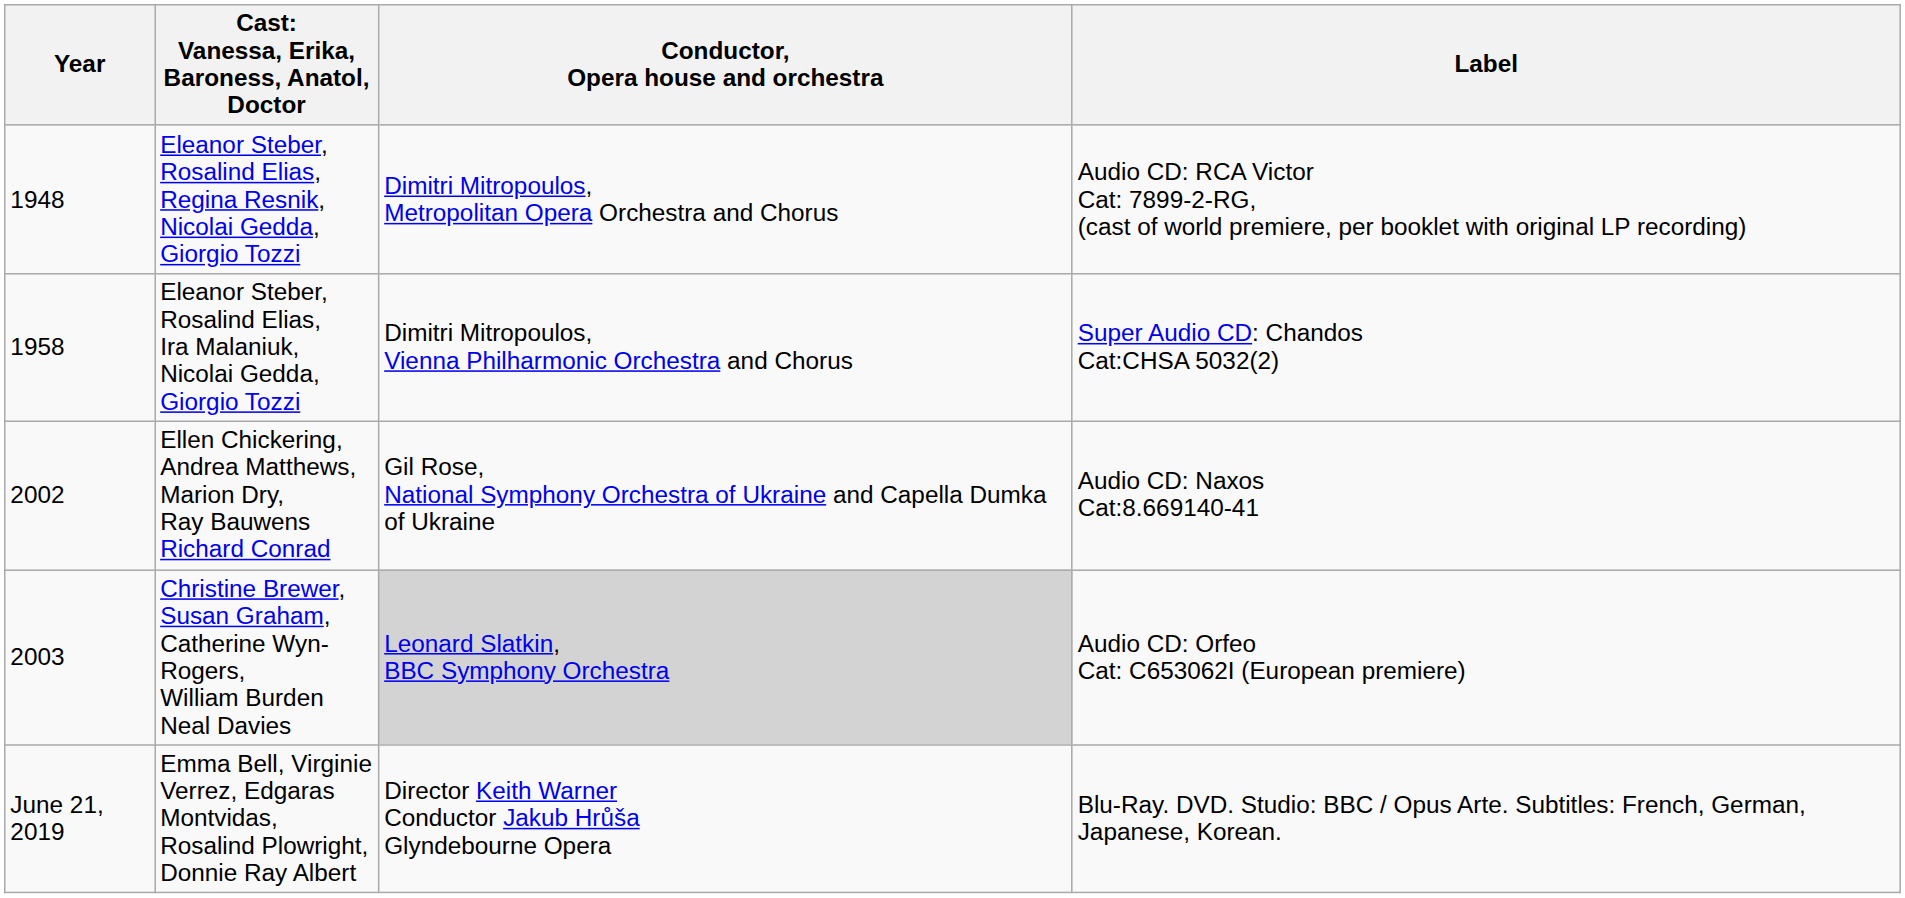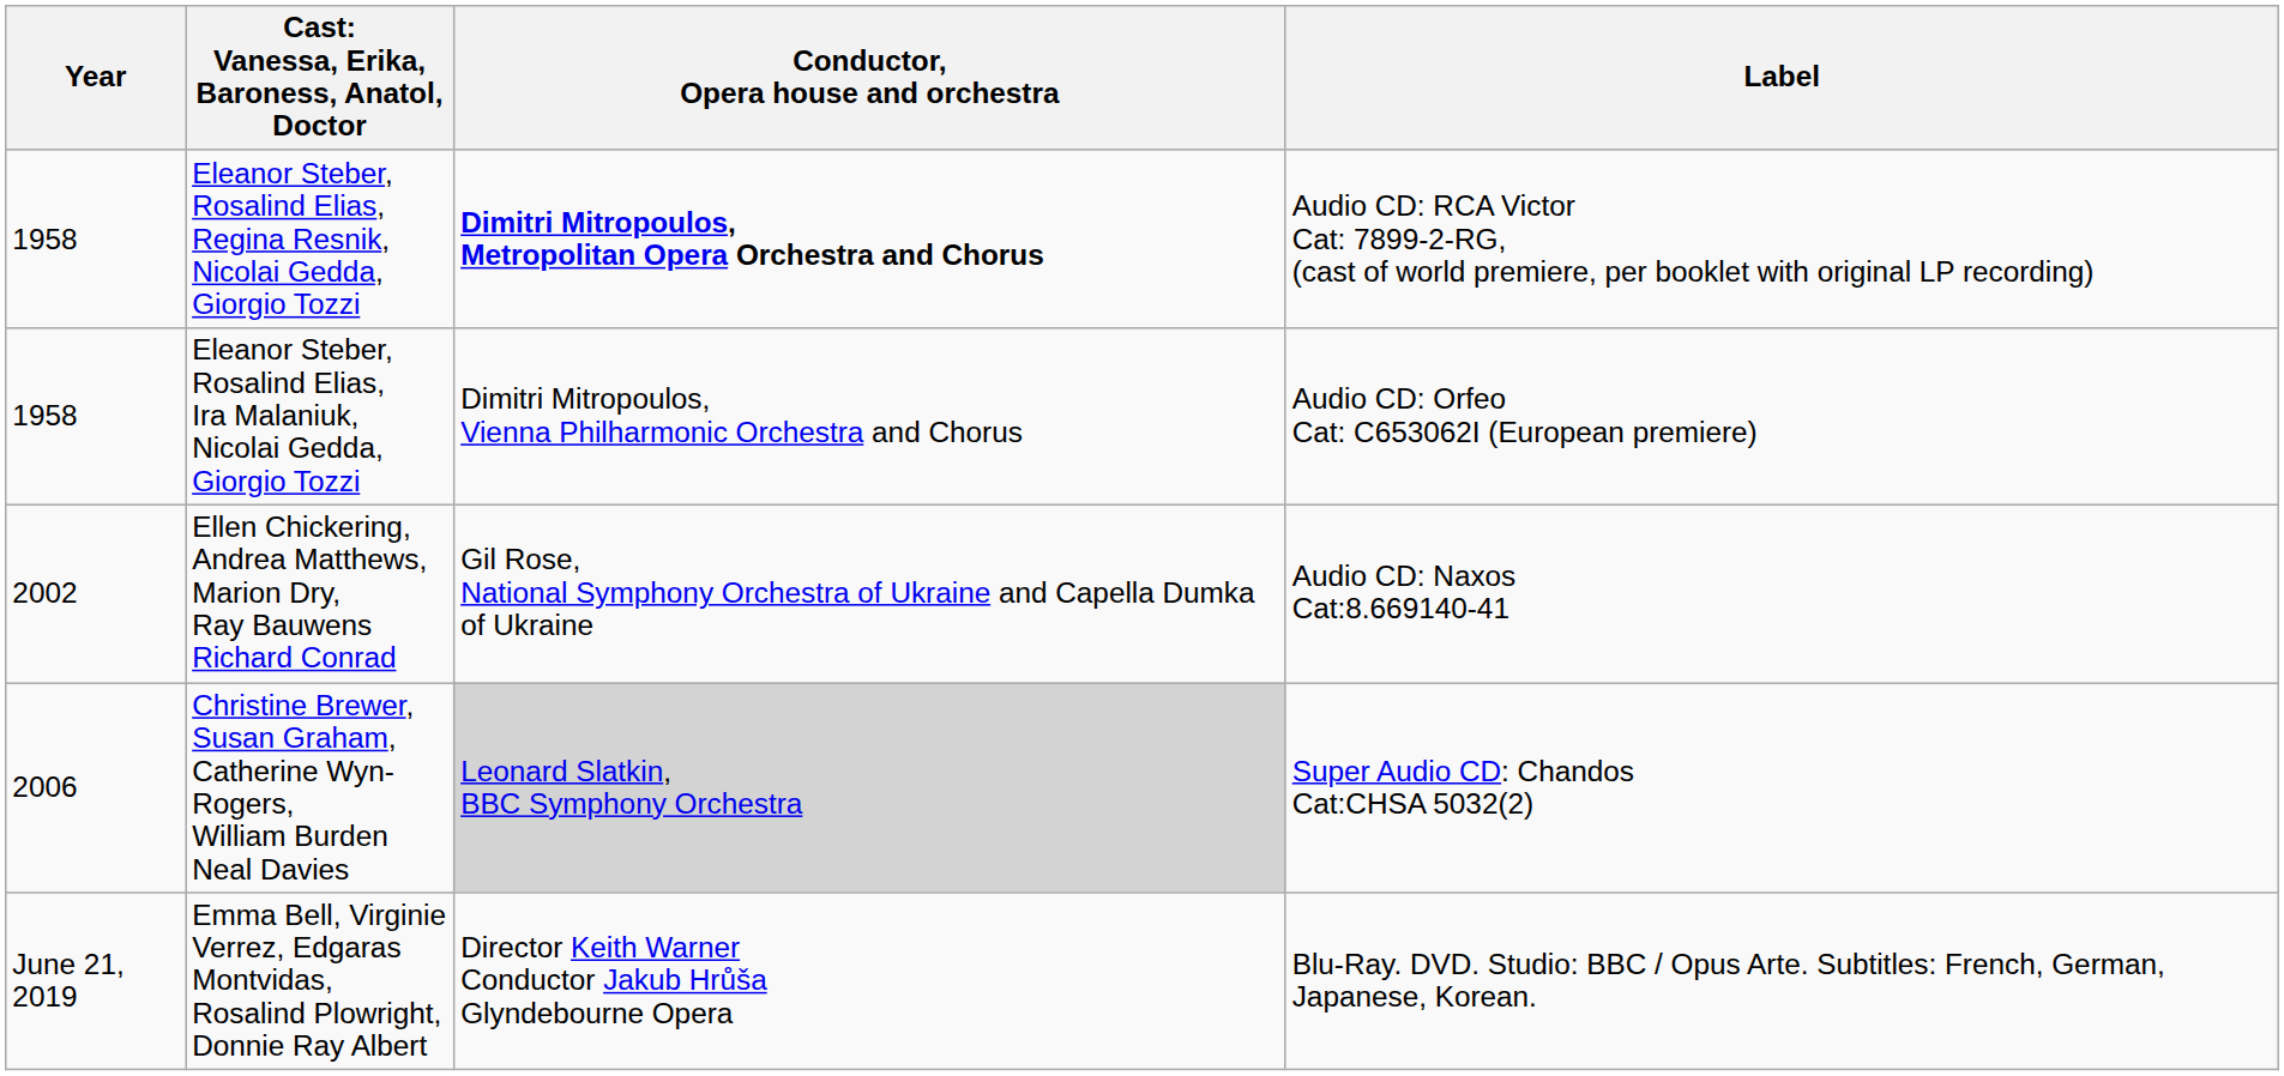 <table class="wikitable">
 <tr>
 <th>Year</th>
 <th width="140">Cast:<br>Vanessa, Erika,<br>Baroness, Anatol, Doctor</th>
 <th>Conductor,<br>Opera house and orchestra</th>
 <th>Label</th>
 </tr>
 <tr>
-<td>1948</td>
+<td>1958</td>
 <td><a href='#'>Eleanor Steber</a>,<br><a href='#'>Rosalind Elias</a>,<br><a href='#'>Regina Resnik</a>,<br><a href='#'>Nicolai Gedda</a>,<br><a href='#'>Giorgio Tozzi</a></td>
-<td><a href='#'>Dimitri Mitropoulos</a>, <br><a href='#'>Metropolitan Opera</a> Orchestra and Chorus</td>
+<td><strong><a href='#'>Dimitri Mitropoulos</a>, <br><a href='#'>Metropolitan Opera</a> Orchestra and Chorus</strong></td>
 <td>Audio CD: RCA Victor <br>Cat: 7899-2-RG,<br>(cast of world premiere, per booklet with original LP recording)</td>
 </tr>
 <tr>
 <td>1958</td>
 <td>Eleanor Steber,<br> Rosalind Elias,<br>Ira Malaniuk,<br>Nicolai Gedda,<br><a href='#'>Giorgio Tozzi</a></td>
 <td>Dimitri Mitropoulos,<br><a href='#'>Vienna Philharmonic Orchestra</a> and Chorus</td>
-<td><a href='#'>Super Audio CD</a>: Chandos <br>Cat:CHSA 5032(2)</td>
+<td>Audio CD:  Orfeo <br>Cat: C653062I (European premiere)</td>
 </tr>
 <tr>
 <td>2002</td>
 <td>Ellen Chickering,<br>Andrea Matthews,<br>Marion Dry,<br>Ray Bauwens<br><a href='#'>Richard Conrad</a></td>
 <td>Gil Rose,<br><a href='#'>National Symphony Orchestra of Ukraine</a> and Capella Dumka of Ukraine</td>
 <td>Audio CD: Naxos <br>Cat:8.669140-41</td>
 </tr>
 <tr>
-<td>2003</td>
+<td>2006</td>
 <td><a href='#'>Christine Brewer</a>,<br><a href='#'>Susan Graham</a>,<br>Catherine Wyn-Rogers,<br>William Burden <br>Neal Davies<br></td>
 <td style="background: lightgrey;"><a href='#'>Leonard Slatkin</a>,<br><a href='#'>BBC Symphony Orchestra</a></td>
-<td>Audio CD:  Orfeo <br>Cat: C653062I (European premiere)</td>
+<td><a href='#'>Super Audio CD</a>: Chandos <br>Cat:CHSA 5032(2)</td>
 </tr>
 <tr>
 <td>June 21, 2019</td>
 <td>Emma Bell, Virginie Verrez, Edgaras Montvidas, Rosalind Plowright, Donnie Ray Albert</td>
 <td>Director <a href='#'>Keith Warner</a><br>Conductor <a href='#'>Jakub Hrůša</a><br>Glyndebourne Opera</td>
 <td>Blu-Ray. DVD. Studio:  BBC / Opus Arte. Subtitles: French, German, Japanese, Korean.</td>
 </tr>
 </table>
